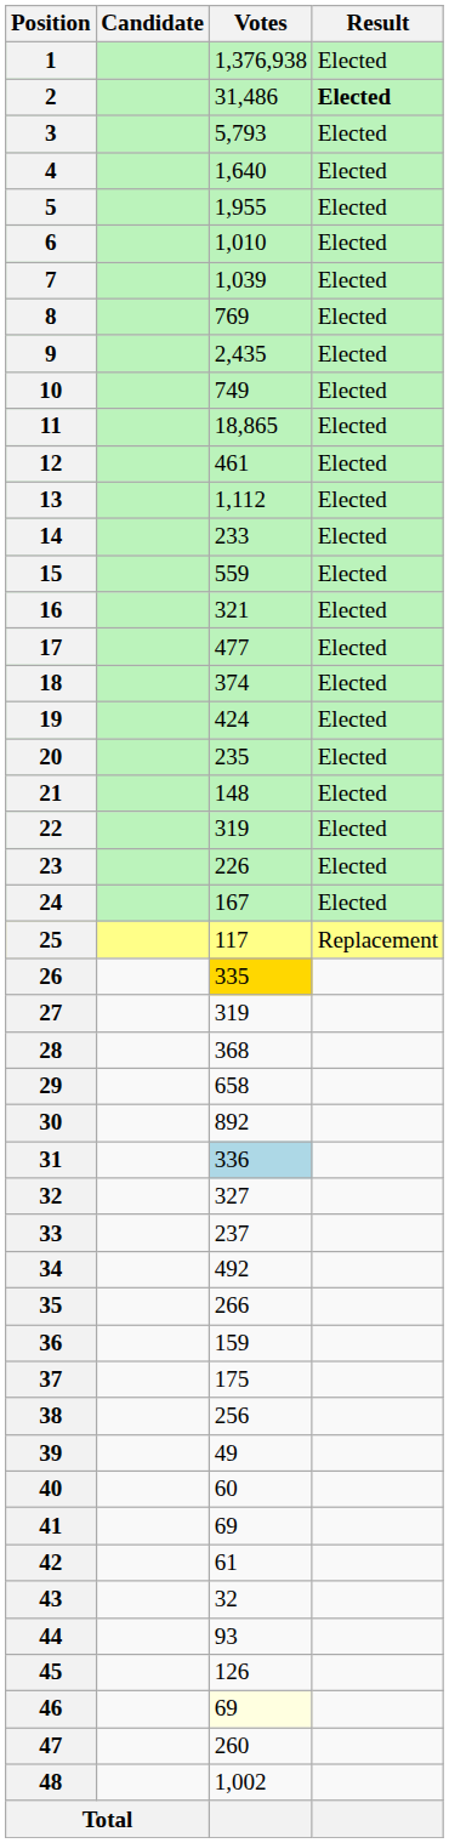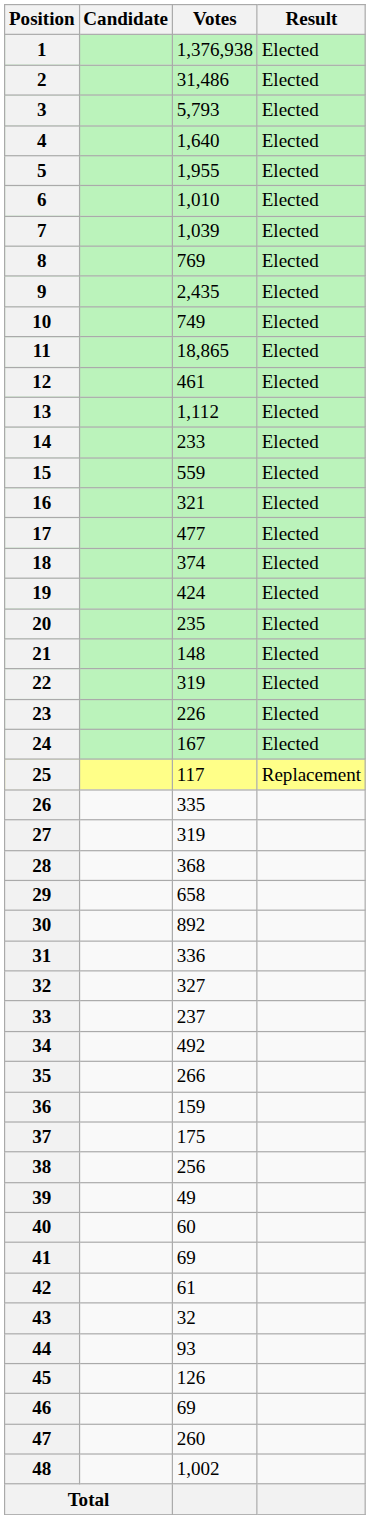 <table class="wikitable sortable col3right">
 <tr>
 <th scope="col">Position</th>
 <th scope="col">Candidate</th>
 <th scope="col">Votes</th>
 <th scope="col">Result</th>
 </tr>
 <tr bgcolor=bbf3bb>
 <th scope="row">1</th>
 <td></td>
 <td>1,376,938</td>
 <td>Elected</td>
 </tr>
 <tr bgcolor=bbf3bb>
 <th scope="row">2</th>
 <td></td>
 <td>31,486</td>
-<td><strong>Elected</strong></td>
+<td>Elected</td>
 </tr>
 <tr bgcolor=bbf3bb>
 <th scope="row">3</th>
 <td></td>
 <td>5,793</td>
 <td>Elected</td>
 </tr>
 <tr bgcolor=bbf3bb>
 <th scope="row">4</th>
 <td></td>
 <td>1,640</td>
 <td>Elected</td>
 </tr>
 <tr bgcolor=bbf3bb>
 <th scope="row">5</th>
 <td></td>
 <td>1,955</td>
 <td>Elected</td>
 </tr>
 <tr bgcolor=bbf3bb>
 <th scope="row">6</th>
 <td></td>
 <td>1,010</td>
 <td>Elected</td>
 </tr>
 <tr bgcolor=bbf3bb>
 <th scope="row">7</th>
 <td></td>
 <td>1,039</td>
 <td>Elected</td>
 </tr>
 <tr bgcolor=bbf3bb>
 <th scope="row">8</th>
 <td></td>
 <td>769</td>
 <td>Elected</td>
 </tr>
 <tr bgcolor=bbf3bb>
 <th scope="row">9</th>
 <td></td>
 <td>2,435</td>
 <td>Elected</td>
 </tr>
 <tr bgcolor=bbf3bb>
 <th scope="row">10</th>
 <td></td>
 <td>749</td>
 <td>Elected</td>
 </tr>
 <tr bgcolor=bbf3bb>
 <th scope="row">11</th>
 <td></td>
 <td>18,865</td>
 <td>Elected</td>
 </tr>
 <tr bgcolor=bbf3bb>
 <th scope="row">12</th>
 <td></td>
 <td>461</td>
 <td>Elected</td>
 </tr>
 <tr bgcolor=bbf3bb>
 <th scope="row">13</th>
 <td></td>
 <td>1,112</td>
 <td>Elected</td>
 </tr>
 <tr bgcolor=bbf3bb>
 <th scope="row">14</th>
 <td></td>
 <td>233</td>
 <td>Elected</td>
 </tr>
 <tr bgcolor=bbf3bb>
 <th scope="row">15</th>
 <td></td>
 <td>559</td>
 <td>Elected</td>
 </tr>
 <tr bgcolor=bbf3bb>
 <th scope="row">16</th>
 <td></td>
 <td>321</td>
 <td>Elected</td>
 </tr>
 <tr bgcolor=bbf3bb>
 <th scope="row">17</th>
 <td></td>
 <td>477</td>
 <td>Elected</td>
 </tr>
 <tr bgcolor=bbf3bb>
 <th scope="row">18</th>
 <td></td>
 <td>374</td>
 <td>Elected</td>
 </tr>
 <tr bgcolor=bbf3bb>
 <th scope="row">19</th>
 <td></td>
 <td>424</td>
 <td>Elected</td>
 </tr>
 <tr bgcolor=bbf3bb>
 <th scope="row">20</th>
 <td></td>
 <td>235</td>
 <td>Elected</td>
 </tr>
 <tr bgcolor=bbf3bb>
 <th scope="row">21</th>
 <td></td>
 <td>148</td>
 <td>Elected</td>
 </tr>
 <tr bgcolor=bbf3bb>
 <th scope="row">22</th>
 <td></td>
 <td>319</td>
 <td>Elected</td>
 </tr>
 <tr bgcolor=bbf3bb>
 <th scope="row">23</th>
 <td></td>
 <td>226</td>
 <td>Elected</td>
 </tr>
 <tr bgcolor=bbf3bb>
 <th scope="row">24</th>
 <td></td>
 <td>167</td>
 <td>Elected</td>
 </tr>
 <tr bgcolor=#FF8>
 <th scope="row">25</th>
 <td></td>
 <td>117</td>
 <td>Replacement</td>
 </tr>
 <tr>
 <th scope="row">26</th>
 <td></td>
-<td style="background: gold;">335</td>
+<td>335</td>
 <td></td>
 </tr>
 <tr>
 <th scope="row">27</th>
 <td></td>
 <td>319</td>
 <td></td>
 </tr>
 <tr>
 <th scope="row">28</th>
 <td></td>
 <td>368</td>
 <td></td>
 </tr>
 <tr>
 <th scope="row">29</th>
 <td></td>
 <td>658</td>
 <td></td>
 </tr>
 <tr>
 <th scope="row">30</th>
 <td></td>
 <td>892</td>
 <td></td>
 </tr>
 <tr>
 <th scope="row">31</th>
 <td></td>
-<td style="background: lightblue;">336</td>
+<td>336</td>
 <td></td>
 </tr>
 <tr>
 <th scope="row">32</th>
 <td></td>
 <td>327</td>
 <td></td>
 </tr>
 <tr>
 <th scope="row">33</th>
 <td></td>
 <td>237</td>
 <td></td>
 </tr>
 <tr>
 <th scope="row">34</th>
 <td></td>
 <td>492</td>
 <td></td>
 </tr>
 <tr>
 <th scope="row">35</th>
 <td></td>
 <td>266</td>
 <td></td>
 </tr>
 <tr>
 <th scope="row">36</th>
 <td></td>
 <td>159</td>
 <td></td>
 </tr>
 <tr>
 <th scope="row">37</th>
 <td></td>
 <td>175</td>
 <td></td>
 </tr>
 <tr>
 <th scope="row">38</th>
 <td></td>
 <td>256</td>
 <td></td>
 </tr>
 <tr>
 <th scope="row">39</th>
 <td></td>
 <td>49</td>
 <td></td>
 </tr>
 <tr>
 <th scope="row">40</th>
 <td></td>
 <td>60</td>
 <td></td>
 </tr>
 <tr>
 <th scope="row">41</th>
 <td></td>
 <td>69</td>
 <td></td>
 </tr>
 <tr>
 <th scope="row">42</th>
 <td></td>
 <td>61</td>
 <td></td>
 </tr>
 <tr>
 <th scope="row">43</th>
 <td></td>
 <td>32</td>
 <td></td>
 </tr>
 <tr>
 <th scope="row">44</th>
 <td></td>
 <td>93</td>
 <td></td>
 </tr>
 <tr>
 <th scope="row">45</th>
 <td></td>
 <td>126</td>
 <td></td>
 </tr>
 <tr>
 <th scope="row">46</th>
 <td></td>
-<td style="background: lightyellow;">69</td>
+<td>69</td>
 <td></td>
 </tr>
 <tr>
 <th scope="row">47</th>
 <td></td>
 <td>260</td>
 <td></td>
 </tr>
 <tr>
 <th scope="row">48</th>
 <td></td>
 <td>1,002</td>
 <td></td>
 </tr>
 <tr class="sortbottom">
 <th scope="row" colspan="2">Total</th>
 <th></th>
 <th></th>
 </tr>
 </table>
